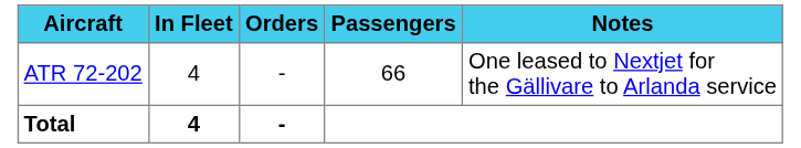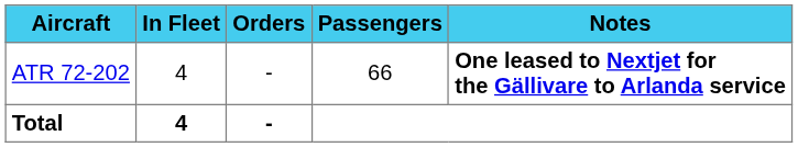 <table class="toccolours" border="1" cellpadding="4" style="margin:1em auto; border-collapse:collapse">
 <tr bgcolor=#44ccee>
 <th><span>Aircraft</span></th>
 <th><span>In Fleet</span></th>
 <th><span>Orders</span></th>
 <th><span>Passengers</span></th>
 <th><span>Notes</span></th>
 </tr>
 <tr>
 <td><a href='#'>ATR 72-202</a></td>
 <td align="center">4</td>
 <td align="center">-</td>
 <td align="center">66</td>
-<td>One leased to <a href='#'>Nextjet</a> for<br>the <a href='#'>Gällivare</a> to <a href='#'>Arlanda</a> service</td>
+<td><strong>One leased to <a href='#'>Nextjet</a> for<br>the <a href='#'>Gällivare</a> to <a href='#'>Arlanda</a> service</strong></td>
 </tr>
 <tr>
 <td><strong>Total</strong></td>
 <th>4</th>
 <th>-</th>
 <th colspan=2></th>
 </tr>
 </table>
